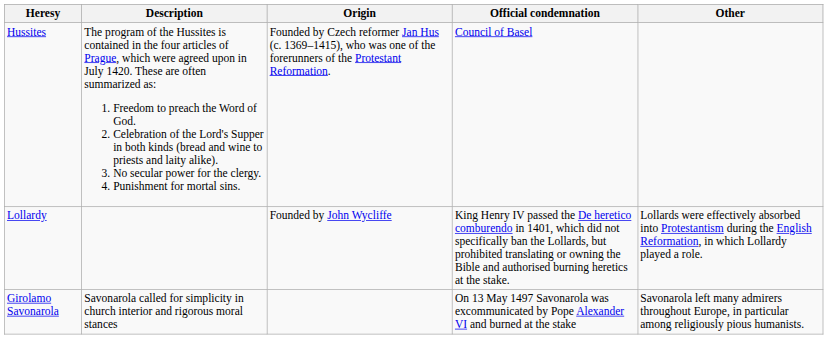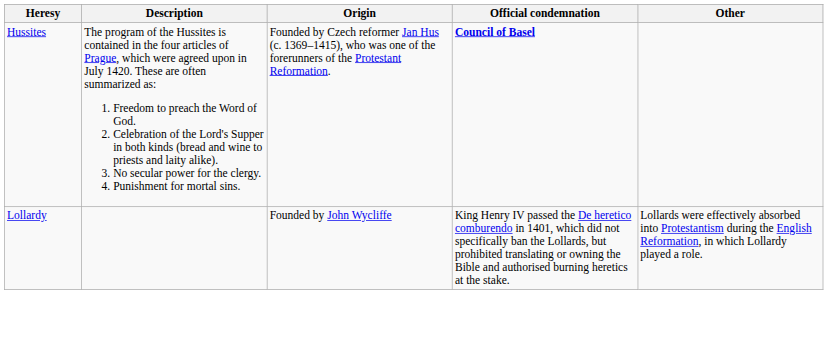 <table class="wikitable">
 <tr style="background:#ccc;">
 <th style="width:100px;">Heresy</th>
 <th style="width:250px;">Description</th>
 <th style="width:250px;">Origin</th>
 <th style="width:250px;">Official condemnation</th>
 <th style="width:250px;">Other</th>
 </tr>
 <tr valign="top">
 <td><a href='#'>Hussites</a></td>
 <td>The program of the Hussites is contained in the four articles of <a href='#'>Prague</a>, which were agreed upon in July 1420. These are often summarized as:<br><ol><li>Freedom to preach the Word of God.</li><li>Celebration of the Lord's Supper in both kinds (bread and wine to priests and laity alike).</li><li>No secular power for the clergy.</li><li>Punishment for mortal sins.</li></ol></td>
 <td>Founded by Czech reformer <a href='#'>Jan Hus</a> (c. 1369–1415), who was one of the forerunners of the <a href='#'>Protestant Reformation</a>.</td>
-<td><a href='#'>Council of Basel</a></td>
+<td><strong><a href='#'>Council of Basel</a></strong></td>
 <td></td>
 </tr>
 <tr valign="top">
 <td><a href='#'>Lollardy</a></td>
 <td></td>
 <td>Founded by <a href='#'>John Wycliffe</a></td>
 <td>King Henry IV passed the <a href='#'>De heretico comburendo</a> in 1401, which did not specifically ban the Lollards, but prohibited translating or owning the Bible and authorised burning heretics at the stake.</td>
 <td>Lollards were effectively absorbed into <a href='#'>Protestantism</a> during the <a href='#'>English Reformation</a>, in which Lollardy played a role.</td>
 </tr>
-<tr valign="top">
-<td><a href='#'>Girolamo Savonarola</a></td>
-<td>Savonarola called for simplicity in church interior and rigorous moral stances</td>
-<td></td>
-<td>On 13 May 1497 Savonarola was excommunicated by Pope <a href='#'>Alexander VI</a> and burned at the stake</td>
-<td>Savonarola left many admirers throughout Europe, in particular among religiously pious humanists.</td>
-</tr>
 </table>
